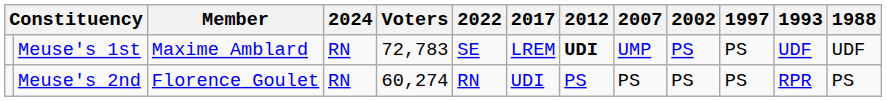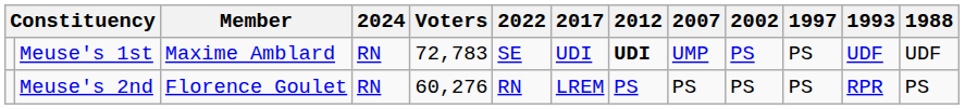 <table class="wikitable sortable">
 <tr>
 <th colspan="2">Constituency</th>
 <th>Member</th>
 <th>2024</th>
 <th>Voters</th>
 <th>2022</th>
 <th>2017</th>
 <th>2012</th>
 <th>2007</th>
 <th>2002</th>
 <th>1997</th>
 <th>1993</th>
 <th>1988</th>
 </tr>
 <tr>
 <td style="background-color: "></td>
 <td><a href='#'>Meuse's 1st</a></td>
 <td><a href='#'>Maxime Amblard</a></td>
 <td><a href='#'>RN</a></td>
 <td>72,783</td>
 <td><a href='#'>SE</a></td>
-<td><a href='#'>LREM</a></td>
+<td><a href='#'>UDI</a></td>
 <td><strong>UDI</strong></td>
 <td><a href='#'>UMP</a></td>
 <td><a href='#'>PS</a></td>
 <td>PS</td>
 <td><a href='#'>UDF</a></td>
 <td>UDF</td>
 </tr>
 <tr>
 <td style="background-color: "></td>
 <td><a href='#'>Meuse's 2nd</a></td>
 <td><a href='#'>Florence Goulet</a></td>
 <td><a href='#'>RN</a></td>
-<td>60,274</td>
+<td>60,276</td>
 <td><a href='#'>RN</a></td>
-<td><a href='#'>UDI</a></td>
+<td><a href='#'>LREM</a></td>
 <td><a href='#'>PS</a></td>
 <td>PS</td>
 <td>PS</td>
 <td>PS</td>
 <td><a href='#'>RPR</a></td>
 <td>PS</td>
 </tr>
 </table>
